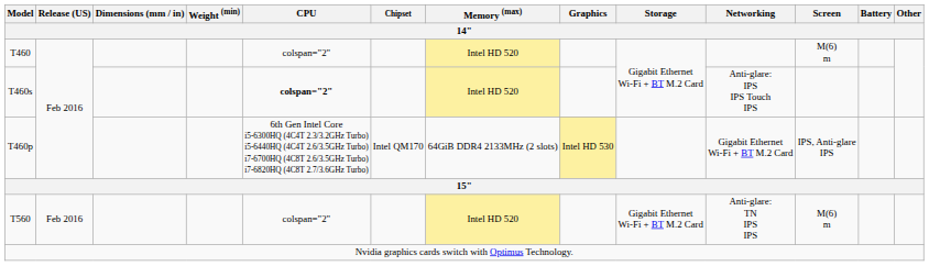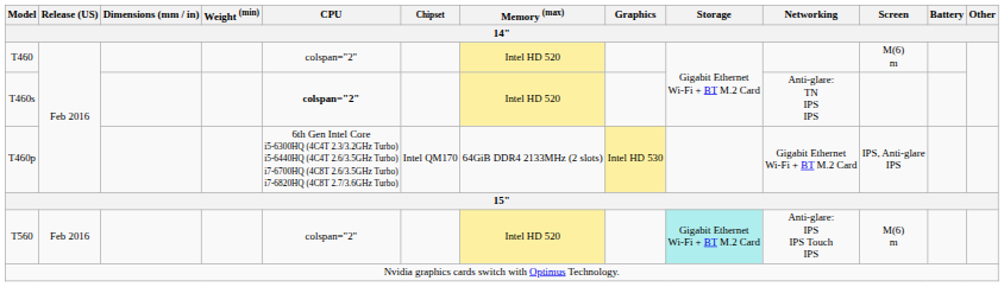 <table class="wikitable" style="font-size: 80%; text-align: center; min-width: 80%;">
 <tr>
 <th>Model</th>
 <th>Release (US)</th>
 <th>Dimensions (mm / in)</th>
 <th>Weight <sup>(min)</sup></th>
 <th>CPU</th>
 <th><small>Chipset</small></th>
 <th>Memory <sup>(max)</sup></th>
 <th>Graphics</th>
 <th>Storage</th>
 <th>Networking</th>
 <th>Screen</th>
 <th>Battery</th>
 <th>Other</th>
 </tr>
 <tr>
 <th colspan="13">14"</th>
 </tr>
 <tr>
 <td>T460</td>
 <td rowspan="3">Feb 2016</td>
 <td></td>
 <td></td>
 <td>colspan="2" </td>
 <td></td>
 <td style="background:#fdf1a1;">Intel HD 520<br></td>
 <td></td>
 <td rowspan="2">Gigabit Ethernet<br>Wi-Fi + <a href='#'>BT</a> M.2 Card<br><small></small></td>
 <td></td>
 <td style="background:">M(6)<br>m</td>
 <td></td>
 </tr>
 <tr>
 <td>T460s</td>
 <td></td>
 <td></td>
 <td><strong>colspan="2" </strong></td>
 <td></td>
 <td style="background:#fdf1a1;">Intel HD 520 <br></td>
 <td></td>
-<td style="background:">Anti-glare:<br> IPS <br> IPS Touch <br> IPS</td>
+<td style="background:">Anti-glare:<br> TN <br> IPS <br> IPS</td>
 <td></td>
 <td></td>
 </tr>
 <tr>
 <td>T460p</td>
 <td></td>
 <td></td>
 <td style="background:">6th Gen Intel Core <br> <small> i5-6300HQ (4C4T 2.3/3.2GHz Turbo)<br> i5-6440HQ (4C4T 2.6/3.5GHz Turbo)<br> i7-6700HQ (4C8T 2.6/3.5GHz Turbo)<br> i7-6820HQ (4C8T 2.7/3.6GHz Turbo)</small></td>
 <td>Intel QM170</td>
 <td style="background:">64GiB DDR4 2133MHz (2 slots)</td>
 <td style="background:#fdf1a1;">Intel HD 530 <br></td>
 <td></td>
 <td>Gigabit Ethernet<br>Wi-Fi + <a href='#'>BT</a> M.2 Card<br><small></small></td>
 <td style="background:"> IPS, Anti-glare <br> IPS</td>
 <td></td>
 <td></td>
 </tr>
 <tr>
 <th colspan="13">15"</th>
 </tr>
 <tr>
 <td>T560</td>
 <td>Feb 2016</td>
 <td></td>
 <td></td>
 <td>colspan="2" </td>
 <td></td>
 <td style="background:#fdf1a1;">Intel HD 520 <br></td>
 <td></td>
-<td>Gigabit Ethernet<br>Wi-Fi + <a href='#'>BT</a> M.2 Card<br><small></small></td>
-<td style="background:">Anti-glare:<br> TN <br> IPS <br> IPS</td>
+<td style="background: paleturquoise;">Gigabit Ethernet<br>Wi-Fi + <a href='#'>BT</a> M.2 Card<br><small></small></td>
+<td style="background:">Anti-glare:<br> IPS <br> IPS Touch <br> IPS</td>
 <td style="background:">M(6)<br>m</td>
 <td></td>
 </tr>
 <tr>
 <td colspan="13">Nvidia graphics cards switch with <a href='#'>Optimus</a> Technology.</td>
 </tr>
 </table>
